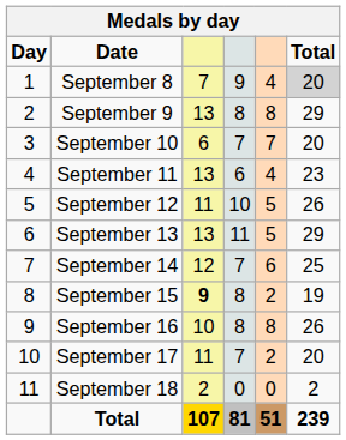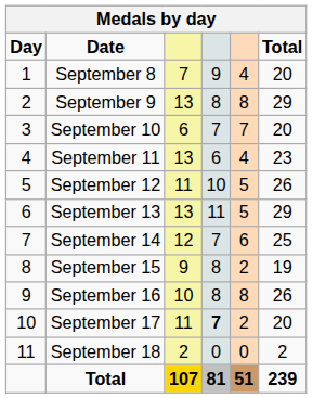 <table class="wikitable" style="font-size:85%; float:right">
 <tr align=center>
 <th colspan=7>Medals by day</th>
 </tr>
 <tr align=center>
 <td><strong>Day</strong></td>
 <td><strong>Date</strong></td>
 <td style="background:#f7f6a8;"></td>
 <td style="background:#dce5e5;"></td>
 <td style="background:#ffdab9;"></td>
 <td><strong>Total</strong></td>
 </tr>
 <tr align=center>
 <td>1</td>
 <td>September 8</td>
 <td style="background:#f7f6a8;">7</td>
 <td style="background:#dce5e5;">9</td>
 <td style="background:#ffdab9;">4</td>
-<td style="background: lightgrey;">20</td>
+<td>20</td>
 </tr>
 <tr align=center>
 <td>2</td>
 <td>September 9</td>
 <td style="background:#f7f6a8;">13</td>
 <td style="background:#dce5e5;">8</td>
 <td style="background:#ffdab9;">8</td>
 <td>29</td>
 </tr>
 <tr align=center>
 <td>3</td>
 <td>September 10</td>
 <td style="background:#f7f6a8;">6</td>
 <td style="background:#dce5e5;">7</td>
 <td style="background:#ffdab9;">7</td>
 <td>20</td>
 </tr>
 <tr align=center>
 <td>4</td>
 <td>September 11</td>
 <td style="background:#f7f6a8;">13</td>
 <td style="background:#dce5e5;">6</td>
 <td style="background:#ffdab9;">4</td>
 <td>23</td>
 </tr>
 <tr align=center>
 <td>5</td>
 <td>September 12</td>
 <td style="background:#f7f6a8;">11</td>
 <td style="background:#dce5e5;">10</td>
 <td style="background:#ffdab9;">5</td>
 <td>26</td>
 </tr>
 <tr align=center>
 <td>6</td>
 <td>September 13</td>
 <td style="background:#f7f6a8;">13</td>
 <td style="background:#dce5e5;">11</td>
 <td style="background:#ffdab9;">5</td>
 <td>29</td>
 </tr>
 <tr align=center>
 <td>7</td>
 <td>September 14</td>
 <td style="background:#f7f6a8;">12</td>
 <td style="background:#dce5e5;">7</td>
 <td style="background:#ffdab9;">6</td>
 <td>25</td>
 </tr>
 <tr align=center>
 <td>8</td>
 <td>September 15</td>
-<td style="background:#f7f6a8;"><strong>9</strong></td>
+<td style="background:#f7f6a8;">9</td>
 <td style="background:#dce5e5;">8</td>
 <td style="background:#ffdab9;">2</td>
 <td>19</td>
 </tr>
 <tr align=center>
 <td>9</td>
 <td>September 16</td>
 <td style="background:#f7f6a8;">10</td>
 <td style="background:#dce5e5;">8</td>
 <td style="background:#ffdab9;">8</td>
 <td>26</td>
 </tr>
 <tr align=center>
 <td>10</td>
 <td>September 17</td>
 <td style="background:#f7f6a8;">11</td>
-<td style="background:#dce5e5;">7</td>
+<td style="background:#dce5e5;"><strong>7</strong></td>
 <td style="background:#ffdab9;">2</td>
 <td>20</td>
 </tr>
 <tr align=center>
 <td>11</td>
 <td>September 18</td>
 <td style="background:#f7f6a8;">2</td>
 <td style="background:#dce5e5;">0</td>
 <td style="background:#ffdab9;">0</td>
 <td>2</td>
 </tr>
 <tr align=center>
 <td></td>
 <td><strong>Total</strong></td>
 <td style="background:gold;"><strong>107</strong></td>
 <td style="background:silver;"><strong>81</strong></td>
 <td style="background:#c96;"><strong>51</strong></td>
 <td><strong>239</strong></td>
 </tr>
 </table>
